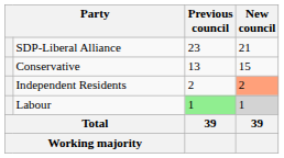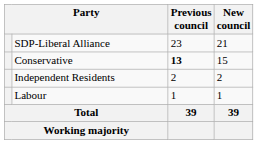 <table class="wikitable">
 <tr>
 <th valign=top colspan="2" style="width: 230px">Party</th>
 <th valign=top style="width: 30px">Previous council</th>
 <th valign=top style="width: 30px">New council</th>
 </tr>
 <tr>
 <th style="background-color: "></th>
 <td>SDP-Liberal Alliance</td>
 <td>23</td>
 <td>21</td>
 </tr>
 <tr>
 <th style="background-color: "></th>
 <td>Conservative</td>
-<td>13</td>
+<td><strong>13</strong></td>
 <td>15</td>
 </tr>
 <tr>
 <th style="background-color: "></th>
 <td>Independent Residents</td>
 <td>2</td>
-<td style="background: lightsalmon;">2</td>
+<td>2</td>
 </tr>
 <tr>
 <th style="background-color: "></th>
 <td>Labour</td>
-<td style="background: lightgreen;">1</td>
-<td style="background: lightgrey;">1</td>
+<td>1</td>
+<td>1</td>
 </tr>
 <tr>
 <th colspan=2>Total</th>
 <th style="text-align: center">39</th>
 <th colspan=3>39</th>
 </tr>
 <tr>
 <th colspan=2>Working majority</th>
 <th></th>
 <th></th>
 </tr>
 </table>
